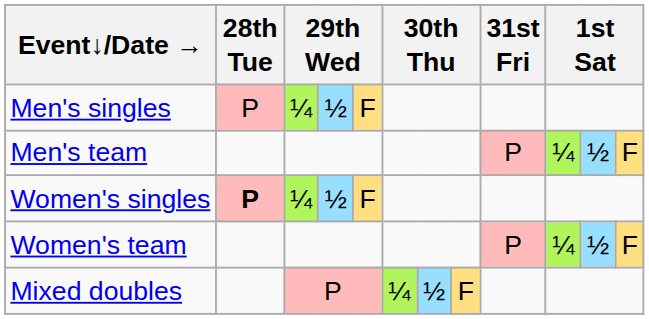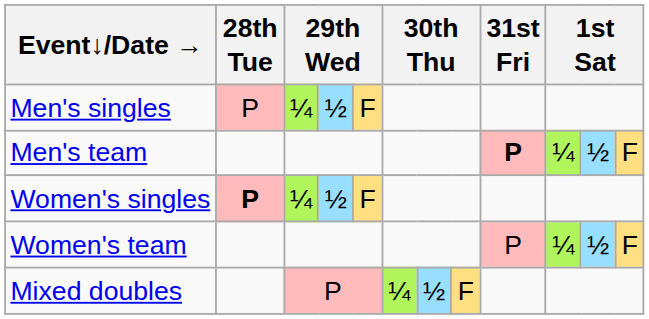 <table class="wikitable" style="margin:0.5em auto; font-size:90%; line-height:1.25em; text-align:center;">
 <tr>
 <th>Event↓/Date →</th>
 <th>28th<br>Tue</th>
 <th colspan=3>29th<br>Wed</th>
 <th colspan=3>30th<br>Thu</th>
 <th>31st<br>Fri</th>
 <th colspan=3>1st<br>Sat</th>
 </tr>
 <tr>
 <td align="left"><a href='#'>Men's singles</a></td>
 <td bgcolor="#FFBBBB">P</td>
 <td bgcolor="#AFF55B">¼</td>
 <td bgcolor="#97DEFF">½</td>
 <td bgcolor="#FFDF80">F</td>
 <td colspan=3></td>
 <td></td>
 <td colspan=3></td>
 </tr>
 <tr>
 <td align="left"><a href='#'>Men's team</a></td>
 <td></td>
 <td colspan=3></td>
 <td colspan=3></td>
-<td bgcolor="#FFBBBB">P</td>
+<td bgcolor="#FFBBBB"><strong>P</strong></td>
 <td bgcolor="#AFF55B">¼</td>
 <td bgcolor="#97DEFF">½</td>
 <td bgcolor="#FFDF80">F</td>
 </tr>
 <tr>
 <td align="left"><a href='#'>Women's singles</a></td>
 <td bgcolor="#FFBBBB"><strong>P</strong></td>
 <td bgcolor="#AFF55B">¼</td>
 <td bgcolor="#97DEFF">½</td>
 <td bgcolor="#FFDF80">F</td>
 <td colspan=3></td>
 <td></td>
 <td colspan=3></td>
 </tr>
 <tr>
 <td align="left"><a href='#'>Women's team</a></td>
 <td></td>
 <td colspan=3></td>
 <td colspan=3></td>
 <td bgcolor="#FFBBBB">P</td>
 <td bgcolor="#AFF55B">¼</td>
 <td bgcolor="#97DEFF">½</td>
 <td bgcolor="#FFDF80">F</td>
 </tr>
 <tr>
 <td align="left"><a href='#'>Mixed doubles</a></td>
 <td></td>
 <td colspan=3 bgcolor="#FFBBBB">P</td>
 <td bgcolor="#AFF55B">¼</td>
 <td bgcolor="#97DEFF">½</td>
 <td bgcolor="#FFDF80">F</td>
 <td></td>
 <td colspan=3></td>
 </tr>
 </table>
